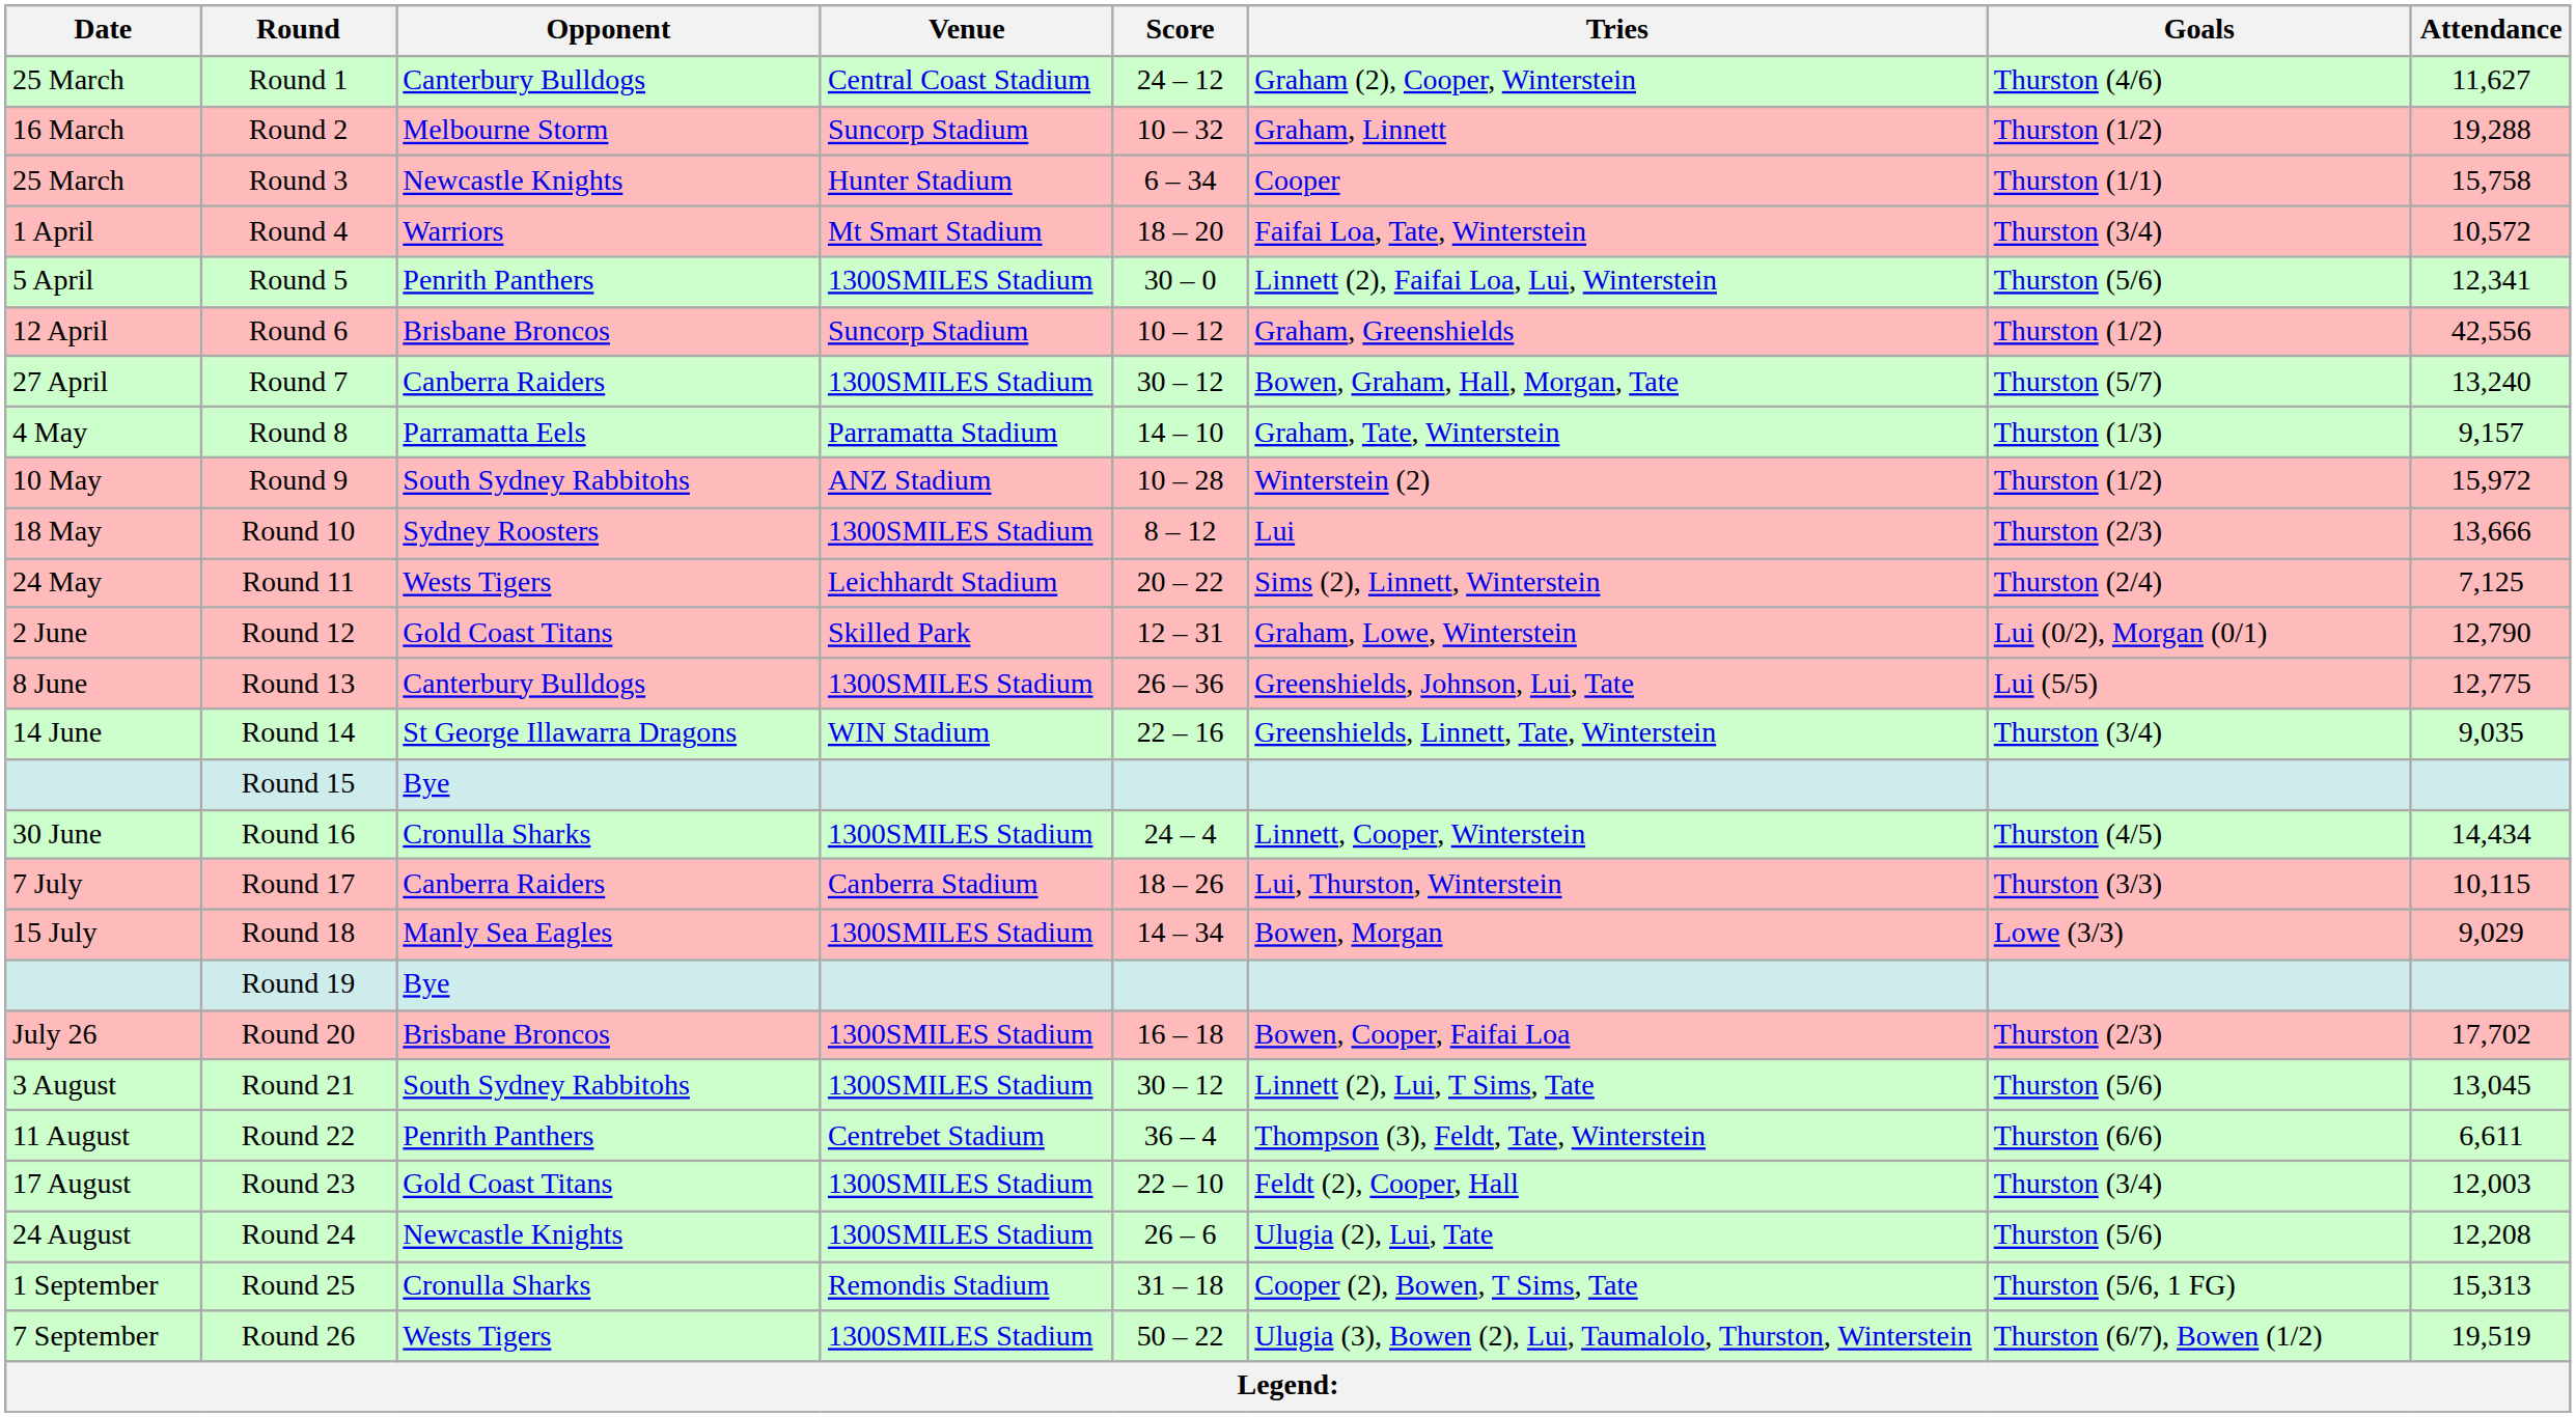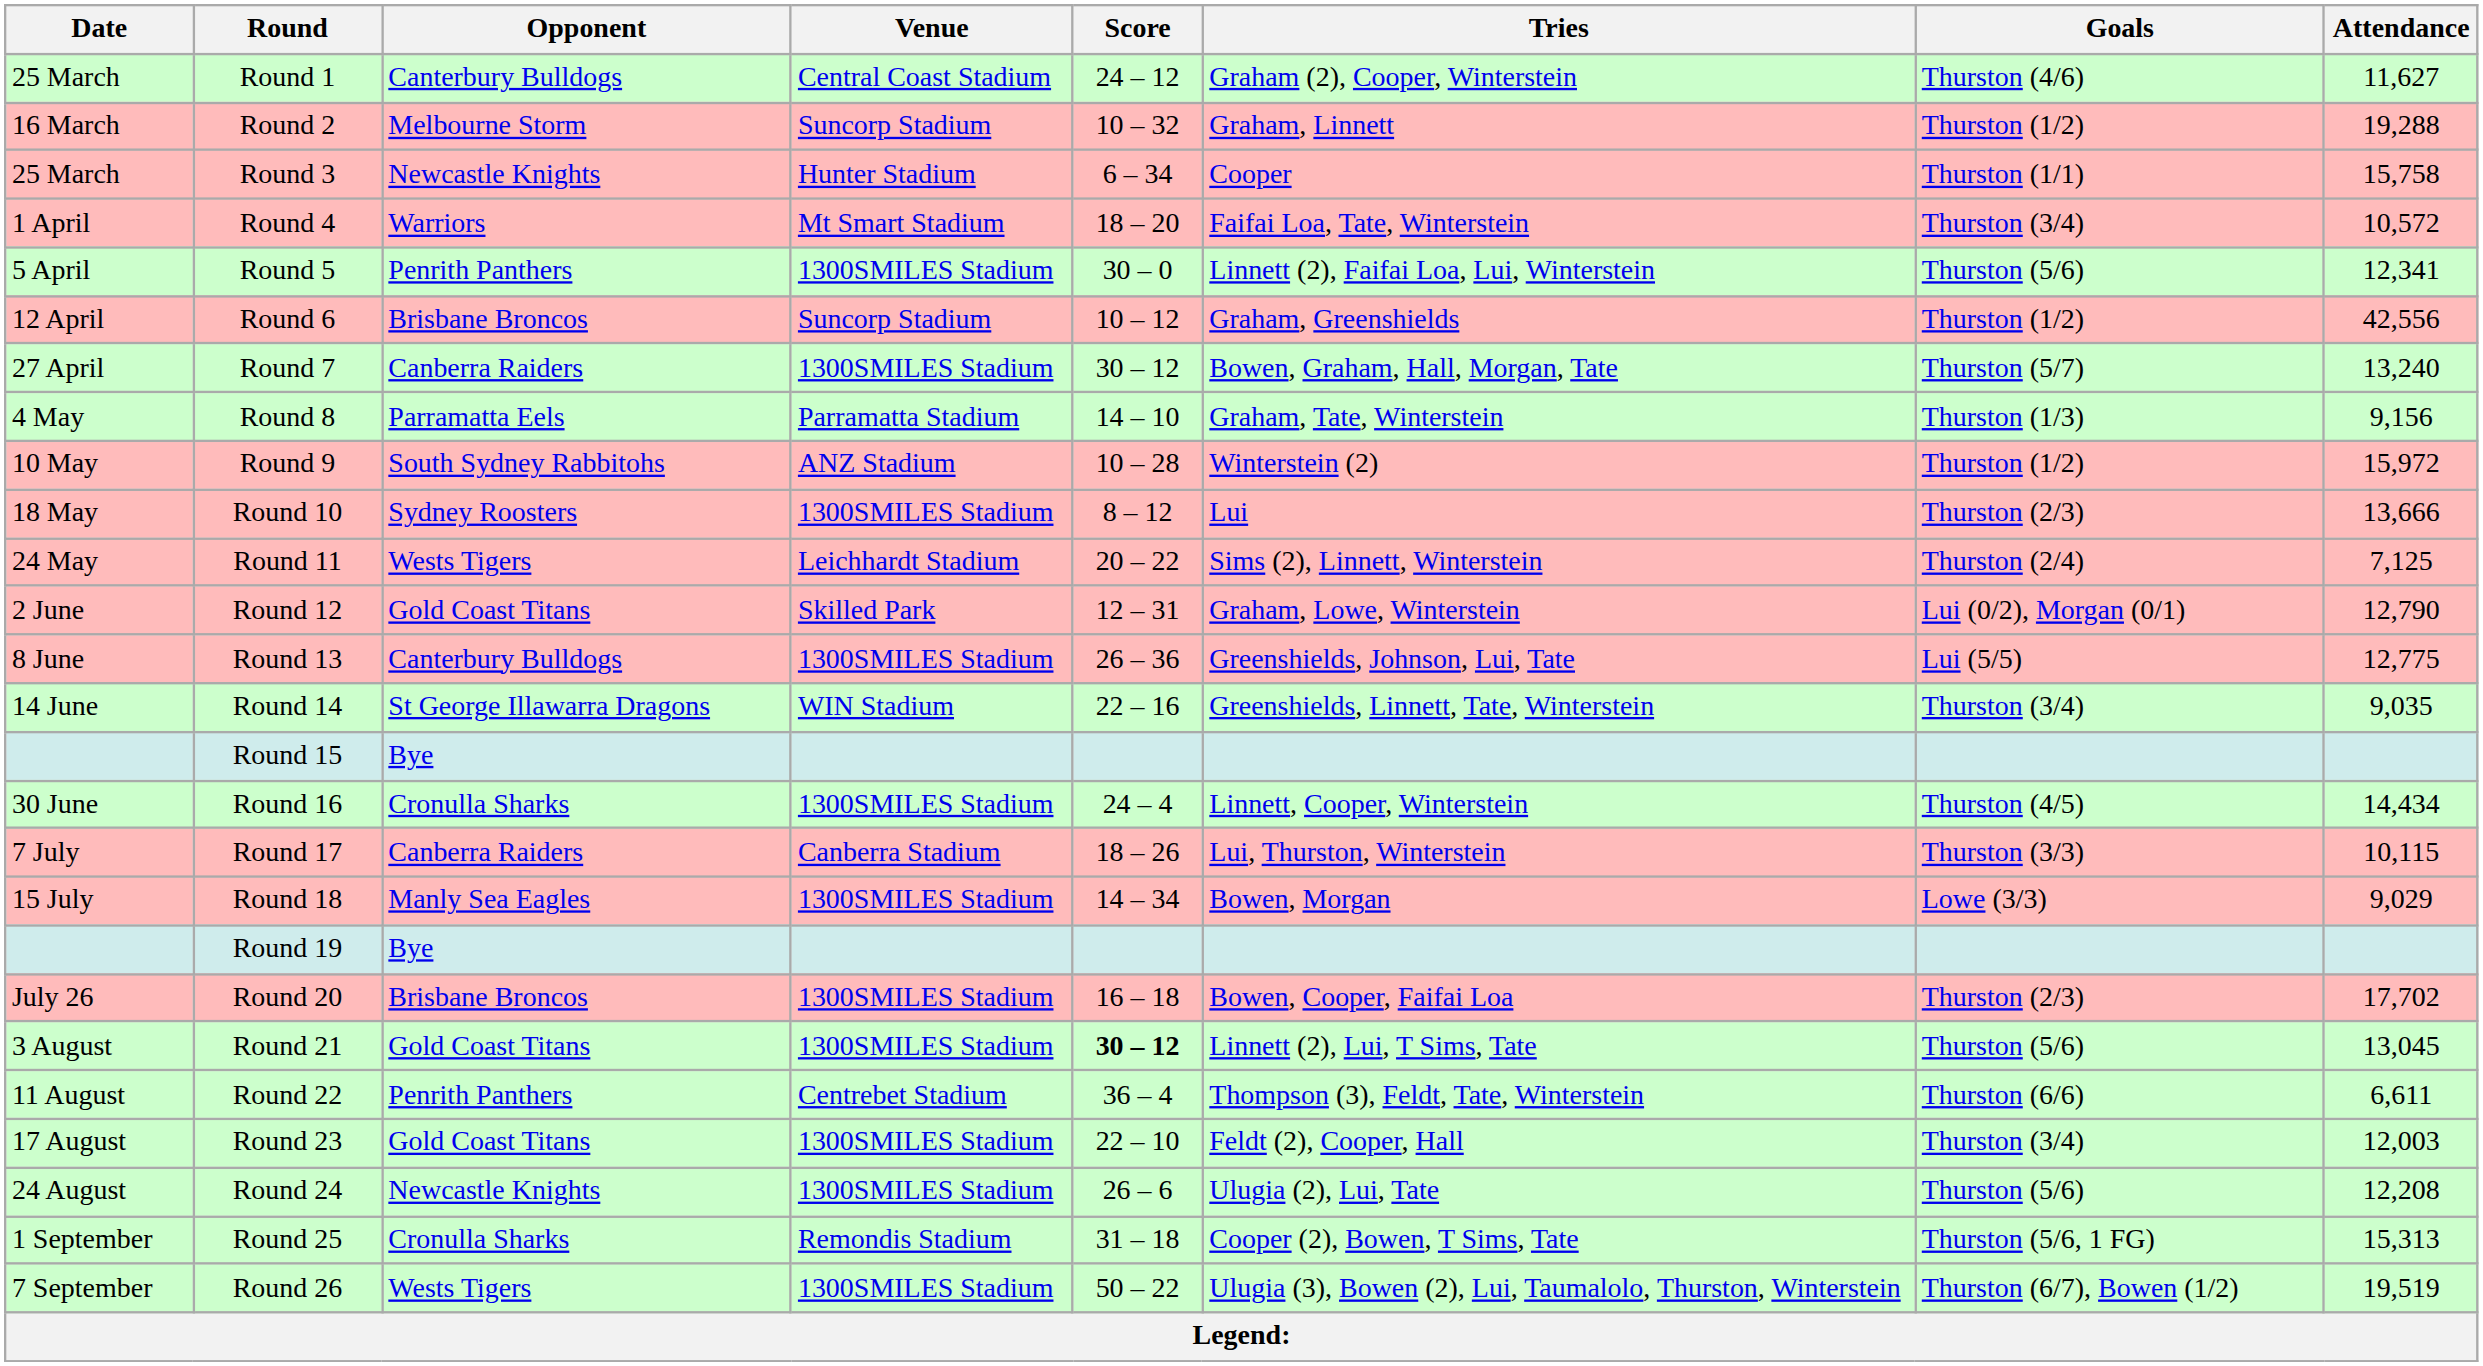 <table class="wikitable" style="font-size:75%;">
 <tr>
 <th style="width:75px;">Date</th>
 <th style="width:75px;">Round</th>
 <th style="width:170px;">Opponent</th>
 <th style="width:115px;">Venue</th>
 <th style="width:50px;">Score</th>
 <th style="width:300px;">Tries</th>
 <th style="width:170px;">Goals</th>
 <th style="width:60px;">Attendance</th>
 </tr>
 <tr style="background:#CCFFCC">
 <td>25 March</td>
 <td style="text-align:center;">Round 1</td>
 <td> <a href='#'>Canterbury Bulldogs</a></td>
 <td><a href='#'>Central Coast Stadium</a></td>
 <td style="text-align:center;">24 – 12</td>
 <td><a href='#'>Graham</a> (2), <a href='#'>Cooper</a>, <a href='#'>Winterstein</a></td>
 <td><a href='#'>Thurston</a> (4/6)</td>
 <td style="text-align:center;">11,627</td>
 </tr>
 <tr style="background:#FFBBBB">
 <td>16 March</td>
 <td style="text-align:center;">Round 2</td>
 <td> <a href='#'>Melbourne Storm</a></td>
 <td><a href='#'>Suncorp Stadium</a></td>
 <td style="text-align:center;">10 – 32</td>
 <td><a href='#'>Graham</a>, <a href='#'>Linnett</a></td>
 <td><a href='#'>Thurston</a> (1/2)</td>
 <td style="text-align:center;">19,288</td>
 </tr>
 <tr style="background:#FFBBBB">
 <td>25 March</td>
 <td style="text-align:center;">Round 3</td>
 <td> <a href='#'>Newcastle Knights</a></td>
 <td><a href='#'>Hunter Stadium</a></td>
 <td style="text-align:center;">6 – 34</td>
 <td><a href='#'>Cooper</a></td>
 <td><a href='#'>Thurston</a> (1/1)</td>
 <td style="text-align:center;">15,758</td>
 </tr>
 <tr style="background:#FFBBBB">
 <td>1 April</td>
 <td style="text-align:center;">Round 4</td>
 <td> <a href='#'>Warriors</a></td>
 <td><a href='#'>Mt Smart Stadium</a></td>
 <td style="text-align:center;">18 – 20</td>
 <td><a href='#'>Faifai Loa</a>, <a href='#'>Tate</a>, <a href='#'>Winterstein</a></td>
 <td><a href='#'>Thurston</a> (3/4)</td>
 <td style="text-align:center;">10,572</td>
 </tr>
 <tr style="background:#CCFFCC">
 <td>5 April</td>
 <td style="text-align:center;">Round 5</td>
 <td> <a href='#'>Penrith Panthers</a></td>
 <td><a href='#'>1300SMILES Stadium</a></td>
 <td style="text-align:center;">30 – 0</td>
 <td><a href='#'>Linnett</a> (2), <a href='#'>Faifai Loa</a>, <a href='#'>Lui</a>, <a href='#'>Winterstein</a></td>
 <td><a href='#'>Thurston</a> (5/6)</td>
 <td style="text-align:center;">12,341</td>
 </tr>
 <tr style="background:#FFBBBB">
 <td>12 April</td>
 <td style="text-align:center;">Round 6</td>
 <td> <a href='#'>Brisbane Broncos</a></td>
 <td><a href='#'>Suncorp Stadium</a></td>
 <td style="text-align:center;">10 – 12</td>
 <td><a href='#'>Graham</a>, <a href='#'>Greenshields</a></td>
 <td><a href='#'>Thurston</a> (1/2)</td>
 <td style="text-align:center;">42,556</td>
 </tr>
 <tr style="background:#CCFFCC">
 <td>27 April</td>
 <td style="text-align:center;">Round 7</td>
 <td> <a href='#'>Canberra Raiders</a></td>
 <td><a href='#'>1300SMILES Stadium</a></td>
 <td style="text-align:center;">30 – 12</td>
 <td><a href='#'>Bowen</a>, <a href='#'>Graham</a>, <a href='#'>Hall</a>, <a href='#'>Morgan</a>, <a href='#'>Tate</a></td>
 <td><a href='#'>Thurston</a> (5/7)</td>
 <td style="text-align:center;">13,240</td>
 </tr>
 <tr style="background:#CCFFCC">
 <td>4 May</td>
 <td style="text-align:center;">Round 8</td>
 <td> <a href='#'>Parramatta Eels</a></td>
 <td><a href='#'>Parramatta Stadium</a></td>
 <td style="text-align:center;">14 – 10</td>
 <td><a href='#'>Graham</a>, <a href='#'>Tate</a>, <a href='#'>Winterstein</a></td>
 <td><a href='#'>Thurston</a> (1/3)</td>
-<td style="text-align:center;">9,157</td>
+<td style="text-align:center;">9,156</td>
 </tr>
 <tr style="background:#FFBBBB">
 <td>10 May</td>
 <td style="text-align:center;">Round 9</td>
 <td> <a href='#'>South Sydney Rabbitohs</a></td>
 <td><a href='#'>ANZ Stadium</a></td>
 <td style="text-align:center;">10 – 28</td>
 <td><a href='#'>Winterstein</a> (2)</td>
 <td><a href='#'>Thurston</a> (1/2)</td>
 <td style="text-align:center;">15,972</td>
 </tr>
 <tr style="background:#FFBBBB">
 <td>18 May</td>
 <td style="text-align:center;">Round 10</td>
 <td> <a href='#'>Sydney Roosters</a></td>
 <td><a href='#'>1300SMILES Stadium</a></td>
 <td style="text-align:center;">8 – 12</td>
 <td><a href='#'>Lui</a></td>
 <td><a href='#'>Thurston</a> (2/3)</td>
 <td style="text-align:center;">13,666</td>
 </tr>
 <tr style="background:#FFBBBB">
 <td>24 May</td>
 <td style="text-align:center;">Round 11</td>
 <td> <a href='#'>Wests Tigers</a></td>
 <td><a href='#'>Leichhardt Stadium</a></td>
 <td style="text-align:center;">20 – 22</td>
 <td><a href='#'>Sims</a> (2), <a href='#'>Linnett</a>, <a href='#'>Winterstein</a></td>
 <td><a href='#'>Thurston</a> (2/4)</td>
 <td style="text-align:center;">7,125</td>
 </tr>
 <tr style="background:#FFBBBB">
 <td>2 June</td>
 <td style="text-align:center;">Round 12</td>
 <td> <a href='#'>Gold Coast Titans</a></td>
 <td><a href='#'>Skilled Park</a></td>
 <td style="text-align:center;">12 – 31</td>
 <td><a href='#'>Graham</a>, <a href='#'>Lowe</a>, <a href='#'>Winterstein</a></td>
 <td><a href='#'>Lui</a> (0/2), <a href='#'>Morgan</a> (0/1)</td>
 <td style="text-align:center;">12,790</td>
 </tr>
 <tr style="background:#FFBBBB">
 <td>8 June</td>
 <td style="text-align:center;">Round 13</td>
 <td> <a href='#'>Canterbury Bulldogs</a></td>
 <td><a href='#'>1300SMILES Stadium</a></td>
 <td style="text-align:center;">26 – 36</td>
 <td><a href='#'>Greenshields</a>, <a href='#'>Johnson</a>, <a href='#'>Lui</a>, <a href='#'>Tate</a></td>
 <td><a href='#'>Lui</a> (5/5)</td>
 <td style="text-align:center;">12,775</td>
 </tr>
 <tr style="background:#CCFFCC">
 <td>14 June</td>
 <td style="text-align:center;">Round 14</td>
 <td> <a href='#'>St George Illawarra Dragons</a></td>
 <td><a href='#'>WIN Stadium</a></td>
 <td style="text-align:center;">22 – 16</td>
 <td><a href='#'>Greenshields</a>, <a href='#'>Linnett</a>, <a href='#'>Tate</a>, <a href='#'>Winterstein</a></td>
 <td><a href='#'>Thurston</a> (3/4)</td>
 <td style="text-align:center;">9,035</td>
 </tr>
 <tr style="background:#cfecec;">
 <td></td>
 <td style="text-align:center;">Round 15</td>
 <td><a href='#'>Bye</a></td>
 <td></td>
 <td></td>
 <td></td>
 <td></td>
 <td></td>
 </tr>
 <tr style="background:#CCFFCC">
 <td>30 June</td>
 <td style="text-align:center;">Round 16</td>
 <td> <a href='#'>Cronulla Sharks</a></td>
 <td><a href='#'>1300SMILES Stadium</a></td>
 <td style="text-align:center;">24 – 4</td>
 <td><a href='#'>Linnett</a>, <a href='#'>Cooper</a>, <a href='#'>Winterstein</a></td>
 <td><a href='#'>Thurston</a> (4/5)</td>
 <td style="text-align:center;">14,434</td>
 </tr>
 <tr style="background:#FFBBBB">
 <td>7 July</td>
 <td style="text-align:center;">Round 17</td>
 <td> <a href='#'>Canberra Raiders</a></td>
 <td><a href='#'>Canberra Stadium</a></td>
 <td style="text-align:center;">18 – 26</td>
 <td><a href='#'>Lui</a>, <a href='#'>Thurston</a>, <a href='#'>Winterstein</a></td>
 <td><a href='#'>Thurston</a> (3/3)</td>
 <td style="text-align:center;">10,115</td>
 </tr>
 <tr style="background:#FFBBBB">
 <td>15 July</td>
 <td style="text-align:center;">Round 18</td>
 <td> <a href='#'>Manly Sea Eagles</a></td>
 <td><a href='#'>1300SMILES Stadium</a></td>
 <td style="text-align:center;">14 – 34</td>
 <td><a href='#'>Bowen</a>, <a href='#'>Morgan</a></td>
 <td><a href='#'>Lowe</a> (3/3)</td>
 <td style="text-align:center;">9,029</td>
 </tr>
 <tr style="background:#cfecec;">
 <td></td>
 <td style="text-align:center;">Round 19</td>
 <td><a href='#'>Bye</a></td>
 <td></td>
 <td></td>
 <td></td>
 <td></td>
 <td></td>
 </tr>
 <tr style="background:#FFBBBB">
 <td>July 26</td>
 <td style="text-align:center;">Round 20</td>
 <td> <a href='#'>Brisbane Broncos</a></td>
 <td><a href='#'>1300SMILES Stadium</a></td>
 <td style="text-align:center;">16 – 18</td>
 <td><a href='#'>Bowen</a>, <a href='#'>Cooper</a>, <a href='#'>Faifai Loa</a></td>
 <td><a href='#'>Thurston</a> (2/3)</td>
 <td style="text-align:center;">17,702</td>
 </tr>
 <tr style="background:#CCFFCC">
 <td>3 August</td>
 <td style="text-align:center;">Round 21</td>
-<td> <a href='#'>South Sydney Rabbitohs</a></td>
+<td> <a href='#'>Gold Coast Titans</a></td>
 <td><a href='#'>1300SMILES Stadium</a></td>
-<td style="text-align:center;">30 – 12</td>
+<td style="text-align:center;"><strong>30 – 12</strong></td>
 <td><a href='#'>Linnett</a> (2), <a href='#'>Lui</a>, <a href='#'>T Sims</a>, <a href='#'>Tate</a></td>
 <td><a href='#'>Thurston</a> (5/6)</td>
 <td style="text-align:center;">13,045</td>
 </tr>
 <tr style="background:#CCFFCC">
 <td>11 August</td>
 <td style="text-align:center;">Round 22</td>
 <td> <a href='#'>Penrith Panthers</a></td>
 <td><a href='#'>Centrebet Stadium</a></td>
 <td style="text-align:center;">36 – 4</td>
 <td><a href='#'>Thompson</a> (3), <a href='#'>Feldt</a>, <a href='#'>Tate</a>, <a href='#'>Winterstein</a></td>
 <td><a href='#'>Thurston</a> (6/6)</td>
 <td style="text-align:center;">6,611</td>
 </tr>
 <tr style="background:#CCFFCC">
 <td>17 August</td>
 <td style="text-align:center;">Round 23</td>
 <td> <a href='#'>Gold Coast Titans</a></td>
 <td><a href='#'>1300SMILES Stadium</a></td>
 <td style="text-align:center;">22 – 10</td>
 <td><a href='#'>Feldt</a> (2), <a href='#'>Cooper</a>, <a href='#'>Hall</a></td>
 <td><a href='#'>Thurston</a> (3/4)</td>
 <td style="text-align:center;">12,003</td>
 </tr>
 <tr style="background:#CCFFCC">
 <td>24 August</td>
 <td style="text-align:center;">Round 24</td>
 <td> <a href='#'>Newcastle Knights</a></td>
 <td><a href='#'>1300SMILES Stadium</a></td>
 <td style="text-align:center;">26 – 6</td>
 <td><a href='#'>Ulugia</a> (2), <a href='#'>Lui</a>, <a href='#'>Tate</a></td>
 <td><a href='#'>Thurston</a> (5/6)</td>
 <td style="text-align:center;">12,208</td>
 </tr>
 <tr style="background:#CCFFCC">
 <td>1 September</td>
 <td style="text-align:center;">Round 25</td>
 <td> <a href='#'>Cronulla Sharks</a></td>
 <td><a href='#'>Remondis Stadium</a></td>
 <td style="text-align:center;">31 – 18</td>
 <td><a href='#'>Cooper</a> (2), <a href='#'>Bowen</a>, <a href='#'>T Sims</a>, <a href='#'>Tate</a></td>
 <td><a href='#'>Thurston</a> (5/6, 1 FG)</td>
 <td style="text-align:center;">15,313</td>
 </tr>
 <tr style="background:#CCFFCC">
 <td>7 September</td>
 <td style="text-align:center;">Round 26</td>
 <td> <a href='#'>Wests Tigers</a></td>
 <td><a href='#'>1300SMILES Stadium</a></td>
 <td style="text-align:center;">50 – 22</td>
 <td><a href='#'>Ulugia</a> (3), <a href='#'>Bowen</a> (2), <a href='#'>Lui</a>, <a href='#'>Taumalolo</a>, <a href='#'>Thurston</a>, <a href='#'>Winterstein</a></td>
 <td><a href='#'>Thurston</a> (6/7), <a href='#'>Bowen</a> (1/2)</td>
 <td style="text-align:center;">19,519</td>
 </tr>
 <tr>
 <th colspan="11"><strong>Legend</strong>:    </th>
 </tr>
 </table>
